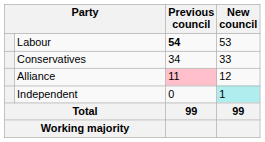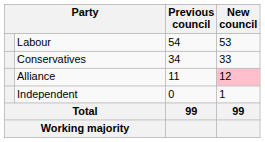 <table class="wikitable">
 <tr>
 <th valign=top colspan="2" style="width: 230px">Party</th>
 <th valign=top style="width: 30px">Previous council</th>
 <th valign=top style="width: 30px">New council</th>
 </tr>
 <tr>
 <th style="background-color: "></th>
 <td>Labour</td>
-<td><strong>54</strong></td>
+<td>54</td>
 <td>53</td>
 </tr>
 <tr>
 <th style="background-color: "></th>
 <td>Conservatives</td>
 <td>34</td>
 <td>33</td>
 </tr>
 <tr>
 <th style="background-color: "></th>
 <td>Alliance</td>
-<td style="background: pink;">11</td>
-<td>12</td>
+<td>11</td>
+<td style="background: pink;">12</td>
 </tr>
 <tr>
 <th style="background-color: "></th>
 <td>Independent</td>
 <td>0</td>
-<td style="background: paleturquoise;">1</td>
+<td>1</td>
 </tr>
 <tr>
 <th colspan=2>Total</th>
 <th style="text-align: center">99</th>
 <th colspan=3>99</th>
 </tr>
 <tr>
 <th colspan=2>Working majority</th>
 <th></th>
 <th></th>
 </tr>
 </table>
